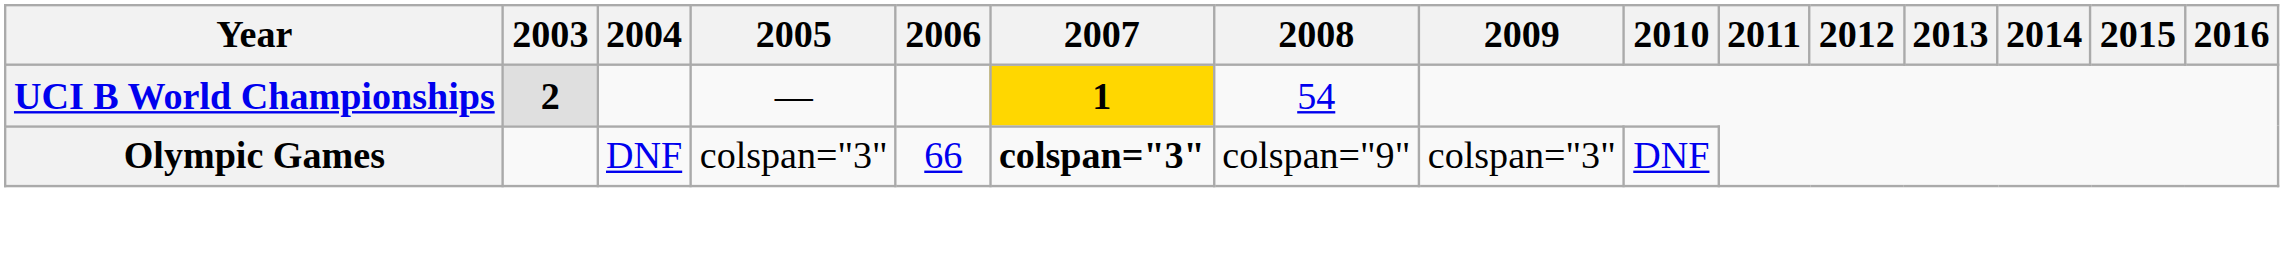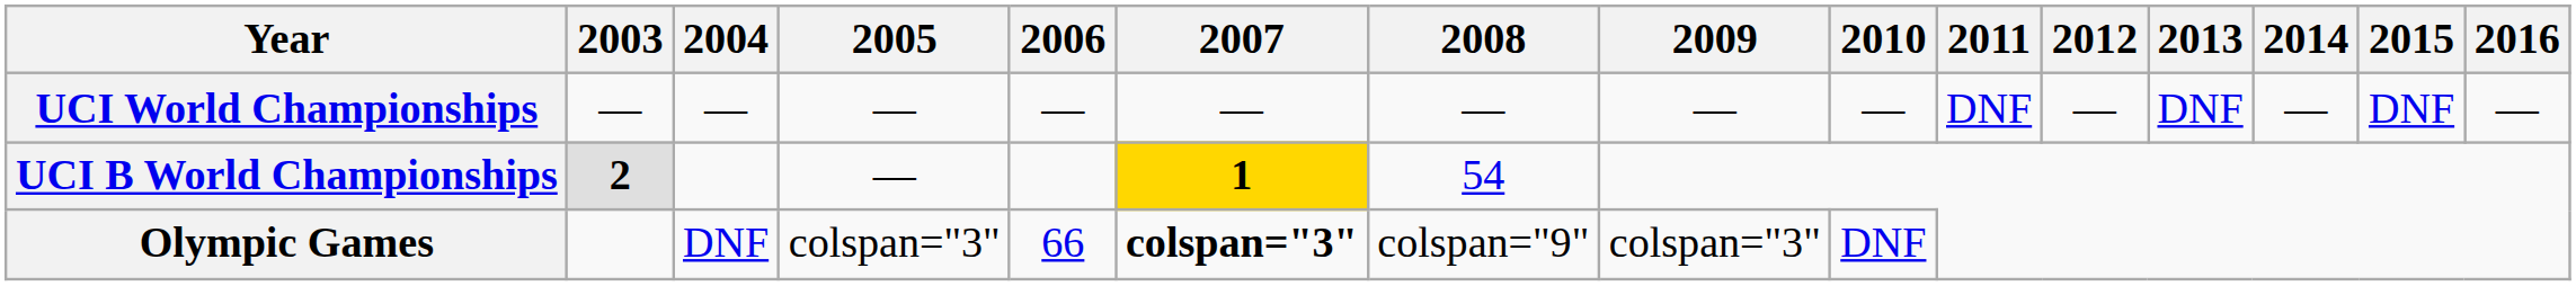 <table class="wikitable plainrowheaders">
 <tr>
 <th>Year</th>
 <th>2003</th>
 <th>2004</th>
 <th>2005</th>
 <th>2006</th>
 <th>2007</th>
 <th>2008</th>
 <th>2009</th>
 <th>2010</th>
 <th>2011</th>
 <th>2012</th>
 <th>2013</th>
 <th>2014</th>
 <th>2015</th>
 <th>2016</th>
+</tr>
+<tr style="text-align:center;">
+<th scope="row"><a href='#'>UCI World Championships</a></th>
+<td>—</td>
+<td>—</td>
+<td>—</td>
+<td>—</td>
+<td>—</td>
+<td>—</td>
+<td>—</td>
+<td>—</td>
+<td><a href='#'>DNF</a></td>
+<td>—</td>
+<td><a href='#'>DNF</a></td>
+<td>—</td>
+<td><a href='#'>DNF</a></td>
+<td>—</td>
 </tr>
 <tr style="text-align:center;">
 <th scope="row"><a href='#'>UCI B World Championships</a></th>
 <th style="background:#dfdfdf;"><strong>2</strong></th>
 <td></td>
 <td>—</td>
 <td></td>
 <th style="background:#FFD700;"><strong>1</strong></th>
 <td><a href='#'>54</a></td>
 </tr>
 <tr style="text-align:center;">
 <th scope="row">Olympic Games</th>
 <td></td>
 <td><a href='#'>DNF</a></td>
 <td>colspan="3" </td>
 <td><a href='#'>66</a></td>
 <td><strong>colspan="3" </strong></td>
 <td>colspan="9" </td>
 <td>colspan="3" </td>
 <td><a href='#'>DNF</a></td>
 </tr>
 </table>
